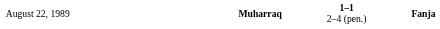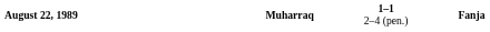 <table width=100% cellspacing=1>
 <tr>
 <th width=10%></th>
 <th width=20%></th>
 <th width=12%></th>
 <th width=20%></th>
 <th></th>
 </tr>
 <tr style=font-size:90%>
-<td align=right>August 22, 1989</td>
+<td align=right><strong>August 22, 1989</strong></td>
 <td align=right><strong>Muharraq </strong></td>
 <td align=center><strong>1–1</strong> <br> 2–4 (pen.)</td>
 <td><strong>Fanja</strong></td>
 </tr>
 </table>
